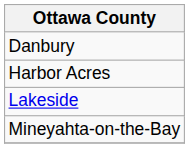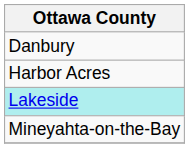 <table class="wikitable">
 <tr>
 <th>Ottawa County</th>
 </tr>
 <tr>
 <td>Danbury</td>
 </tr>
 <tr>
 <td>Harbor Acres</td>
 </tr>
 <tr>
-<td><a href='#'>Lakeside</a></td>
+<td style="background: paleturquoise;"><a href='#'>Lakeside</a></td>
 </tr>
 <tr>
 <td>Mineyahta-on-the-Bay</td>
 </tr>
 <tr>
 </tr>
 </table>
